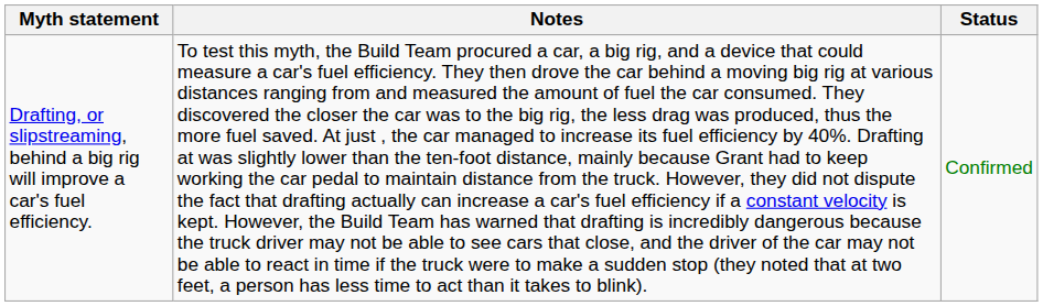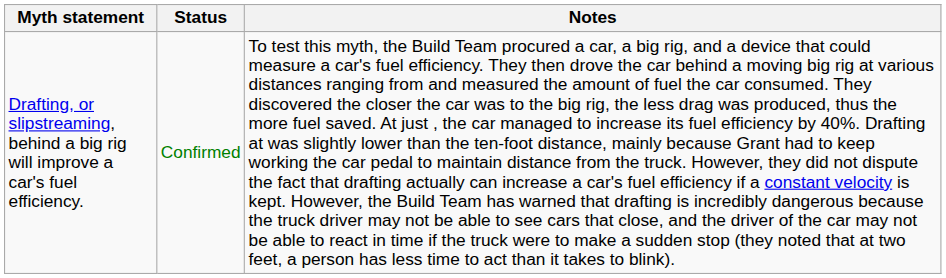 <table class="wikitable plainrowheaders">
 <tr>
 <th>Myth statement</th>
+<th>Status</th>
 <th>Notes</th>
-<th>Status</th>
 </tr>
 <tr>
 <td><a href='#'>Drafting, or slipstreaming</a>, behind a big rig will improve a car's fuel efficiency.</td>
+<td style="color:green">Confirmed</td>
 <td>To test this myth, the Build Team procured a car, a big rig, and a device that could measure a car's fuel efficiency. They then drove the car behind a moving big rig at various distances ranging from  and measured the amount of fuel the car consumed. They discovered the closer the car was to the big rig, the less drag was produced, thus the more fuel saved. At just , the car managed to increase its fuel efficiency by 40%. Drafting at  was slightly lower than the ten-foot distance, mainly because Grant had to keep working the car pedal to maintain distance from the truck. However, they did not dispute the fact that drafting actually can increase a car's fuel efficiency if a <a href='#'>constant velocity</a> is kept. However, the Build Team has warned that drafting is incredibly dangerous because the truck driver may not be able to see cars that close, and the driver of the car may not be able to react in time if the truck were to make a sudden stop (they noted that at two feet, a person has less time to act than it takes to blink).</td>
-<td style="color:green">Confirmed</td>
 </tr>
 </table>
